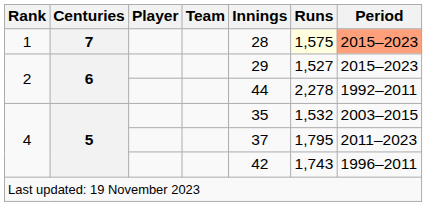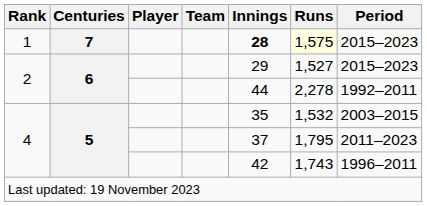 <table class="wikitable plainrowheaders sortable">
 <tr>
 <th scope=col>Rank</th>
 <th scope=col>Centuries</th>
 <th scope=col>Player</th>
 <th scope=col>Team</th>
 <th scope=col>Innings</th>
 <th scope=col>Runs</th>
 <th scope=col>Period</th>
 </tr>
 <tr>
 <td align=center>1</td>
 <th scope=row style=text-align:center;>7</th>
 <td></td>
 <td></td>
-<td align=center>28</td>
+<td align=center><strong>28</strong></td>
 <td align=center style="background: lightyellow;">1,575</td>
-<td style="background: lightsalmon;">2015–2023</td>
+<td>2015–2023</td>
 </tr>
 <tr>
 <td align=center rowspan=2>2</td>
 <th scope=row style=text-align:center; rowspan=2>6</th>
 <td></td>
 <td></td>
 <td align=center>29</td>
 <td align=center>1,527</td>
 <td>2015–2023</td>
 </tr>
 <tr>
 <td></td>
 <td></td>
 <td align=center>44</td>
 <td align=center>2,278</td>
 <td>1992–2011</td>
 </tr>
 <tr>
 <td align=center rowspan=3>4</td>
 <th scope=row style=text-align:center; rowspan=3>5</th>
 <td></td>
 <td></td>
 <td align=center>35</td>
 <td align=center>1,532</td>
 <td>2003–2015</td>
 </tr>
 <tr>
 <td></td>
 <td></td>
 <td align=center>37</td>
 <td align=center>1,795</td>
 <td>2011–2023</td>
 </tr>
 <tr>
 <td></td>
 <td></td>
 <td align=center>42</td>
 <td align=center>1,743</td>
 <td>1996–2011</td>
 </tr>
 <tr class=sortbottom>
 <td colspan=7><small>Last updated: 19 November 2023</small></td>
 </tr>
 </table>
